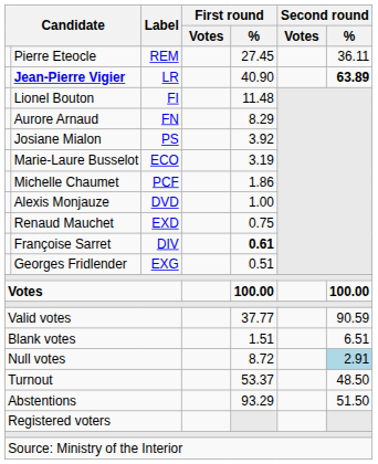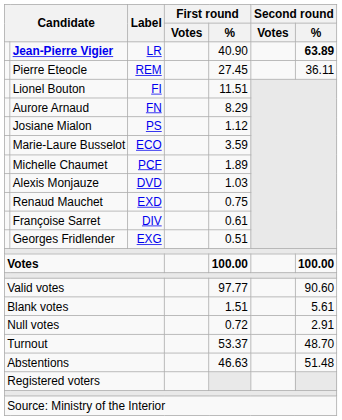 <table class="wikitable" style="text-align:right;font-size:95%;">
 <tr>
 <th rowspan="2" colspan="2">Candidate</th>
 <th rowspan="2">Label</th>
 <th colspan="2">First round</th>
 <th colspan="2">Second round</th>
 </tr>
 <tr>
 <th style="width:50px;">Votes</th>
 <th style="width:45px;">%</th>
 <th style="width:50px;">Votes</th>
 <th style="width:45px;">%</th>
 </tr>
 <tr>
 <td style="color:inherit;background:"></td>
+<td style="text-align:left;"><strong><a href='#'>Jean-Pierre Vigier</a></strong></td>
+<td><a href='#'>LR</a></td>
+<td></td>
+<td>40.90</td>
+<td><strong></strong></td>
+<td><strong>63.89</strong></td>
+</tr>
+<tr>
+<td style="color:inherit;background:"></td>
 <td style="text-align:left;">Pierre Eteocle</td>
 <td><a href='#'>REM</a></td>
 <td></td>
 <td>27.45</td>
 <td></td>
 <td>36.11</td>
 </tr>
 <tr>
 <td style="color:inherit;background:"></td>
-<td style="text-align:left;"><strong><a href='#'>Jean-Pierre Vigier</a></strong></td>
-<td><a href='#'>LR</a></td>
-<td></td>
-<td>40.90</td>
-<td><strong></strong></td>
-<td><strong>63.89</strong></td>
-</tr>
-<tr>
-<td style="color:inherit;background:"></td>
 <td style="text-align:left;">Lionel Bouton</td>
 <td><a href='#'>FI</a></td>
 <td></td>
-<td>11.48</td>
+<td>11.51</td>
 <td colspan="2" rowspan="9" style="background:#E9E9E9;"></td>
 </tr>
 <tr>
 <td style="color:inherit;background:"></td>
 <td style="text-align:left;">Aurore Arnaud</td>
 <td><a href='#'>FN</a></td>
 <td></td>
 <td>8.29</td>
 </tr>
 <tr>
 <td style="color:inherit;background:"></td>
 <td style="text-align:left;">Josiane Mialon</td>
 <td><a href='#'>PS</a></td>
 <td></td>
-<td>3.92</td>
+<td>1.12</td>
 </tr>
 <tr>
 <td style="color:inherit;background:"></td>
 <td style="text-align:left;">Marie-Laure Busselot</td>
 <td><a href='#'>ECO</a></td>
 <td></td>
-<td>3.19</td>
+<td>3.59</td>
 </tr>
 <tr>
 <td style="color:inherit;background:"></td>
 <td style="text-align:left;">Michelle Chaumet</td>
 <td><a href='#'>PCF</a></td>
 <td></td>
-<td>1.86</td>
+<td>1.89</td>
 </tr>
 <tr>
 <td style="color:inherit;background:"></td>
 <td style="text-align:left;">Alexis Monjauze</td>
 <td><a href='#'>DVD</a></td>
 <td></td>
-<td>1.00</td>
+<td>1.03</td>
 </tr>
 <tr>
 <td style="color:inherit;background:"></td>
 <td style="text-align:left;">Renaud Mauchet</td>
 <td><a href='#'>EXD</a></td>
 <td></td>
 <td>0.75</td>
 </tr>
 <tr>
 <td style="color:inherit;background:"></td>
 <td style="text-align:left;">Françoise Sarret</td>
 <td><a href='#'>DIV</a></td>
 <td></td>
-<td><strong>0.61</strong></td>
+<td>0.61</td>
 </tr>
 <tr>
 <td style="color:inherit;background:"></td>
 <td style="text-align:left;">Georges Fridlender</td>
 <td><a href='#'>EXG</a></td>
 <td></td>
 <td>0.51</td>
 </tr>
 <tr>
 <td colspan="7" style="background:#E9E9E9;"></td>
 </tr>
 <tr style="font-weight:bold;">
 <td colspan="3" style="text-align:left;">Votes</td>
 <td></td>
 <td>100.00</td>
 <td></td>
 <td>100.00</td>
 </tr>
 <tr>
 <td colspan="7" style="background:#E9E9E9;"></td>
 </tr>
 <tr>
 <td colspan="3" style="text-align:left;">Valid votes</td>
 <td></td>
-<td>37.77</td>
+<td>97.77</td>
 <td></td>
-<td>90.59</td>
+<td>90.60</td>
 </tr>
 <tr>
 <td colspan="3" style="text-align:left;">Blank votes</td>
 <td></td>
 <td>1.51</td>
 <td></td>
-<td>6.51</td>
+<td>5.61</td>
 </tr>
 <tr>
 <td colspan="3" style="text-align:left;">Null votes</td>
 <td></td>
-<td>8.72</td>
+<td>0.72</td>
 <td></td>
-<td style="background: lightblue;">2.91</td>
+<td>2.91</td>
 </tr>
 <tr>
 <td colspan="3" style="text-align:left;">Turnout</td>
 <td></td>
 <td>53.37</td>
 <td></td>
-<td>48.50</td>
+<td>48.70</td>
 </tr>
 <tr>
 <td colspan="3" style="text-align:left;">Abstentions</td>
 <td></td>
-<td>93.29</td>
+<td>46.63</td>
 <td></td>
-<td>51.50</td>
+<td>51.48</td>
 </tr>
 <tr>
 <td colspan="3" style="text-align:left;">Registered voters</td>
 <td></td>
 <td style="color:inherit;background:#E9E9E9;"></td>
 <td></td>
 <td style="color:inherit;background:#E9E9E9;"></td>
 </tr>
 <tr>
 <td colspan="7" style="background:#E9E9E9;"></td>
 </tr>
 <tr>
 <td colspan="7" style="text-align:left;">Source: Ministry of the Interior</td>
 </tr>
 </table>
